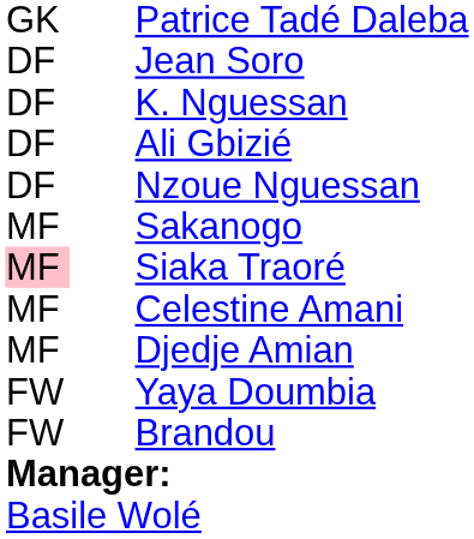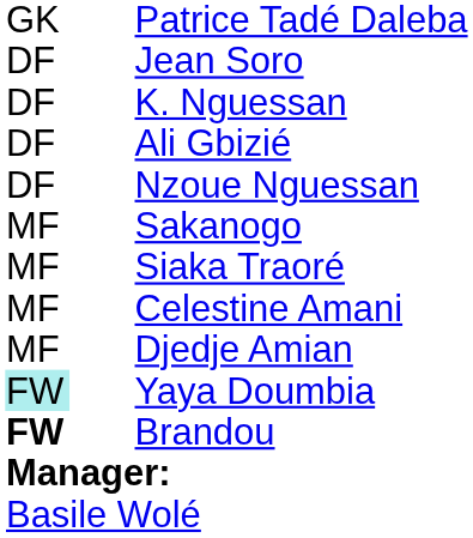 <table style="font-size:90%; margin:0.2em auto;" cellspacing="0" cellpadding="0">
 <tr>
 <th width="25"></th>
 <th width="25"></th>
 </tr>
 <tr>
 <td>GK</td>
 <td></td>
 <td> <a href='#'>Patrice Tadé Daleba</a></td>
 </tr>
 <tr>
 <td>DF</td>
 <td></td>
 <td> <a href='#'>Jean Soro</a></td>
 </tr>
 <tr>
 <td>DF</td>
 <td></td>
 <td> <a href='#'>K. Nguessan</a></td>
 </tr>
 <tr>
 <td>DF</td>
 <td></td>
 <td> <a href='#'>Ali Gbizié</a></td>
 </tr>
 <tr>
 <td>DF</td>
 <td></td>
 <td> <a href='#'>Nzoue Nguessan</a></td>
 </tr>
 <tr>
 <td>MF</td>
 <td></td>
 <td> <a href='#'>Sakanogo</a></td>
 </tr>
 <tr>
-<td style="background: pink;">MF</td>
+<td>MF</td>
 <td></td>
 <td> <a href='#'>Siaka Traoré</a></td>
 </tr>
 <tr>
 <td>MF</td>
 <td></td>
 <td> <a href='#'>Celestine Amani</a></td>
 </tr>
 <tr>
 <td>MF</td>
 <td></td>
 <td> <a href='#'>Djedje Amian</a></td>
 </tr>
 <tr>
-<td>FW</td>
+<td style="background: paleturquoise;">FW</td>
 <td></td>
 <td> <a href='#'>Yaya Doumbia</a></td>
 </tr>
 <tr>
-<td>FW</td>
+<td><strong>FW</strong></td>
 <td></td>
 <td> <a href='#'>Brandou</a></td>
 </tr>
 <tr>
 <td colspan=3><strong>Manager:</strong></td>
 </tr>
 <tr>
 <td colspan=4> <a href='#'>Basile Wolé</a></td>
 </tr>
 </table>
